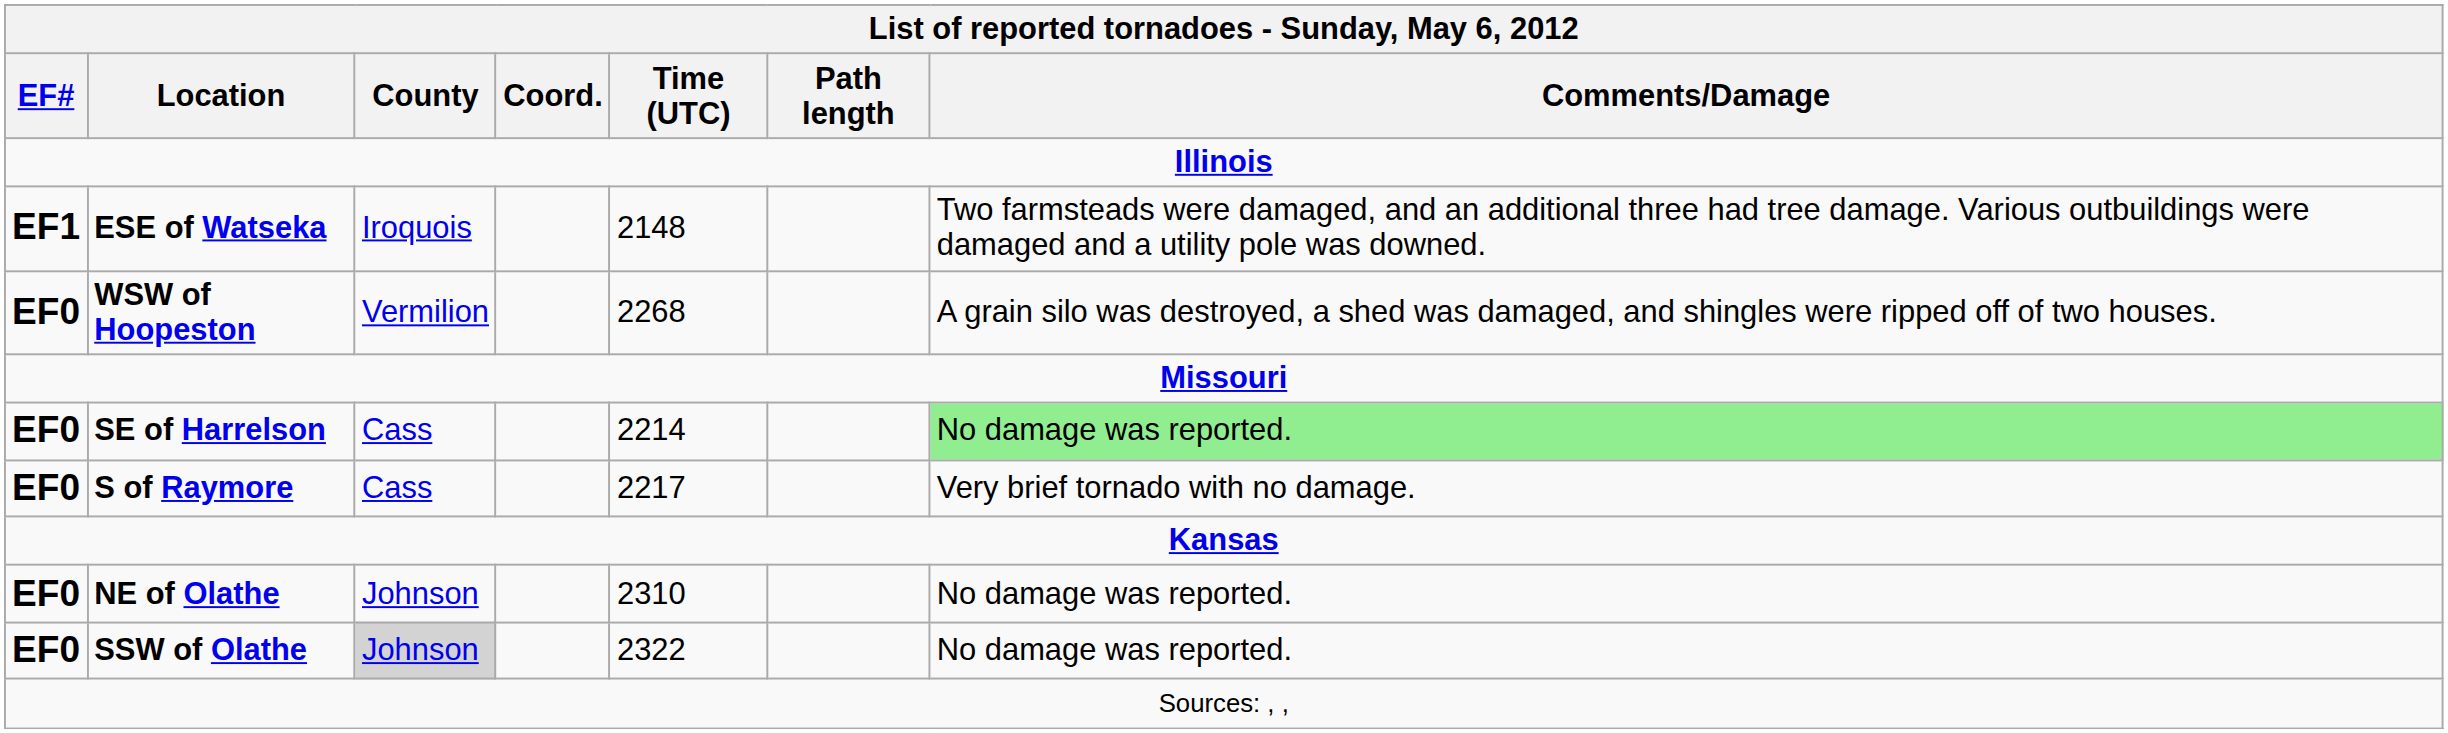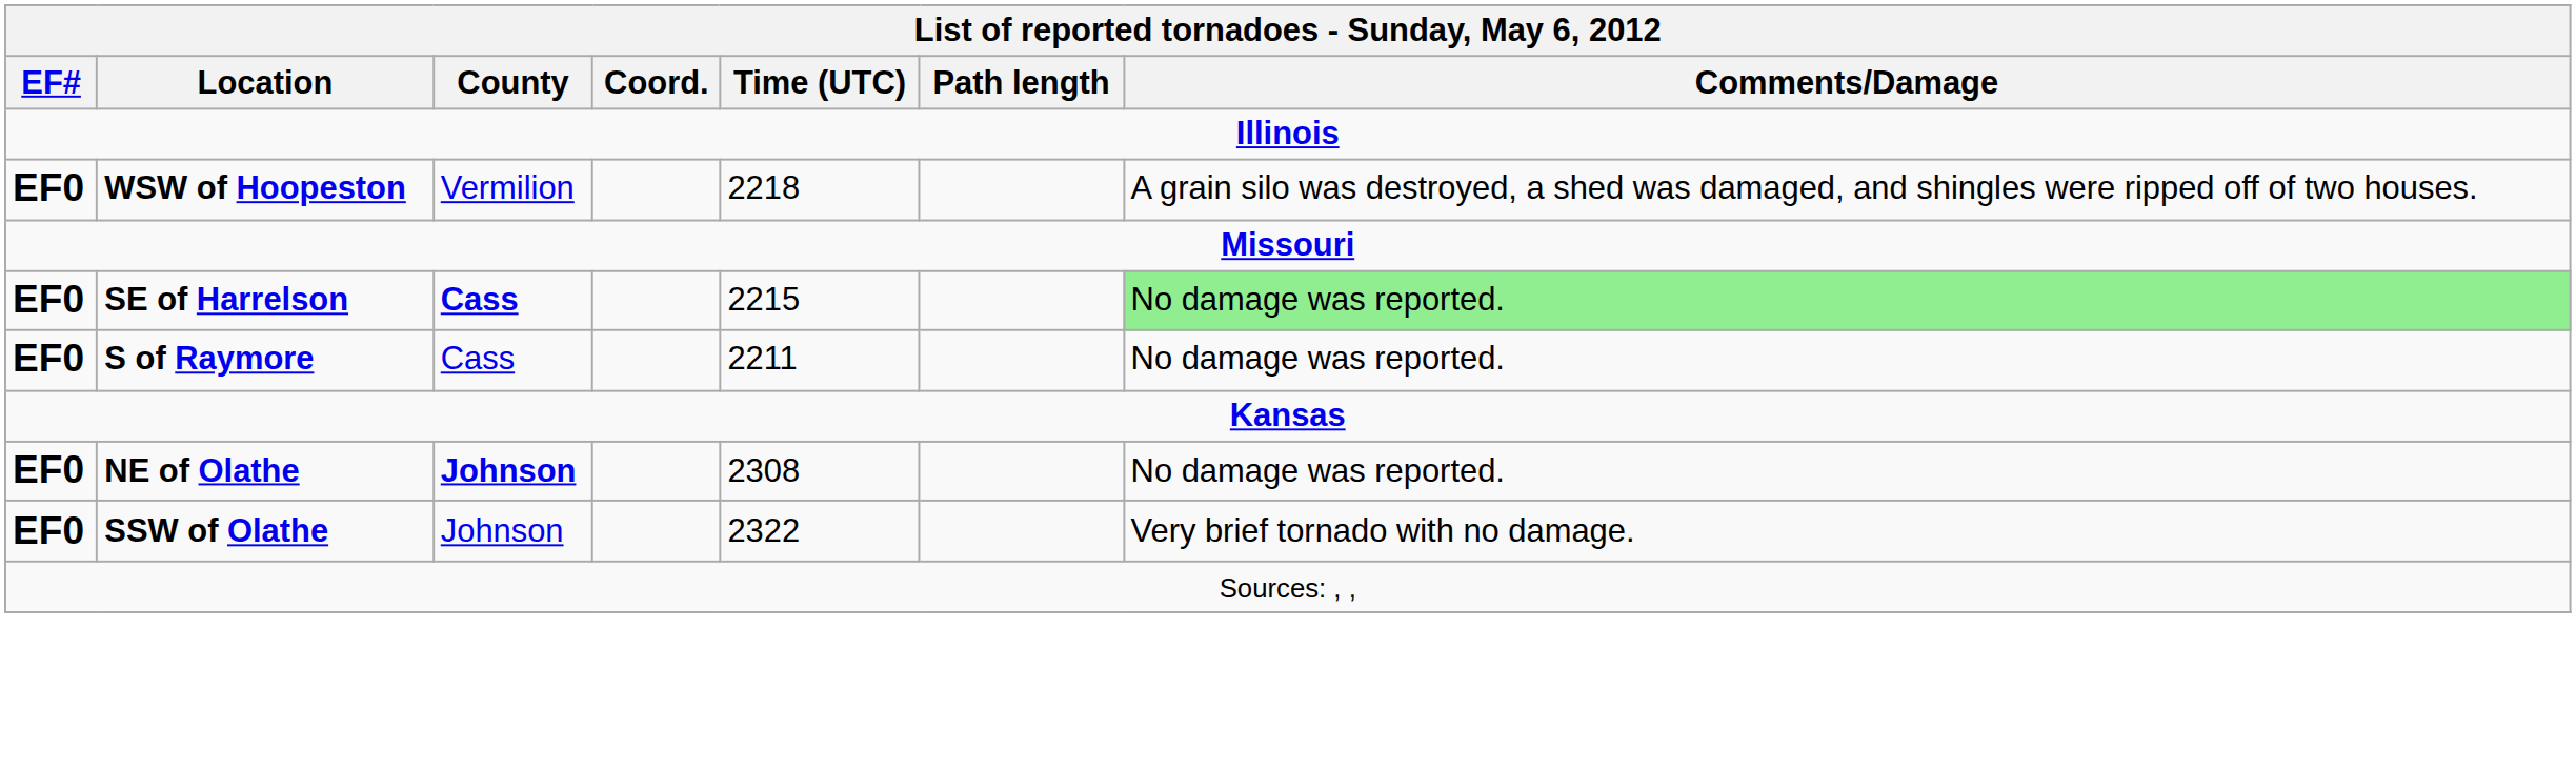 <table class="wikitable collapsible" width="100%">
 <tr>
 <th colspan="7">List of reported tornadoes - Sunday, May 6, 2012</th>
 </tr>
 <tr>
 <th><a href='#'>EF#</a></th>
 <th>Location</th>
 <th>County</th>
 <th>Coord.</th>
 <th>Time (UTC)</th>
 <th>Path length</th>
 <th>Comments/Damage</th>
 </tr>
 <tr>
 <td colspan="7" align=center><strong><a href='#'>Illinois</a></strong></td>
 </tr>
 <tr>
-<td><big><strong>EF1</strong></big></td>
-<td><strong>ESE of <a href='#'>Watseka</a></strong></td>
-<td><a href='#'>Iroquois</a></td>
-<td></td>
-<td>2148</td>
-<td></td>
-<td>Two farmsteads were damaged, and an additional three had tree damage. Various outbuildings were damaged and a utility pole was downed.</td>
-</tr>
-<tr>
 <td><big><strong>EF0</strong></big></td>
 <td><strong>WSW of <a href='#'>Hoopeston</a></strong></td>
 <td><a href='#'>Vermilion</a></td>
 <td></td>
-<td>2268</td>
+<td>2218</td>
 <td></td>
 <td>A grain silo was destroyed, a shed was damaged, and shingles were ripped off of two houses.</td>
 </tr>
 <tr>
 <td colspan="7" align=center><strong><a href='#'>Missouri</a></strong></td>
 </tr>
 <tr>
 <td><big><strong>EF0</strong></big></td>
 <td><strong>SE of <a href='#'>Harrelson</a></strong></td>
-<td><a href='#'>Cass</a></td>
+<td><strong><a href='#'>Cass</a></strong></td>
 <td></td>
-<td>2214</td>
+<td>2215</td>
 <td></td>
 <td style="background: lightgreen;">No damage was reported.</td>
 </tr>
 <tr>
 <td><big><strong>EF0</strong></big></td>
 <td><strong>S of <a href='#'>Raymore</a></strong></td>
 <td><a href='#'>Cass</a></td>
 <td></td>
-<td>2217</td>
+<td>2211</td>
 <td></td>
-<td>Very brief tornado with no damage.</td>
+<td>No damage was reported.</td>
 </tr>
 <tr>
 <td colspan="7" align=center><strong><a href='#'>Kansas</a></strong></td>
 </tr>
 <tr>
 <td><big><strong>EF0</strong></big></td>
 <td><strong>NE of <a href='#'>Olathe</a></strong></td>
-<td><a href='#'>Johnson</a></td>
+<td><strong><a href='#'>Johnson</a></strong></td>
 <td></td>
-<td>2310</td>
+<td>2308</td>
 <td></td>
 <td>No damage was reported.</td>
 </tr>
 <tr>
 <td><big><strong>EF0</strong></big></td>
 <td><strong>SSW of <a href='#'>Olathe</a></strong></td>
-<td style="background: lightgrey;"><a href='#'>Johnson</a></td>
+<td><a href='#'>Johnson</a></td>
 <td></td>
 <td>2322</td>
 <td></td>
-<td>No damage was reported.</td>
+<td>Very brief tornado with no damage.</td>
 </tr>
 <tr>
 <td colspan="7" align=center><small>Sources: , , </small></td>
 </tr>
 <tr>
 </tr>
 </table>
